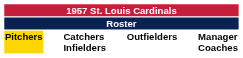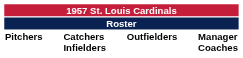 <table class="toccolours" style="font-size: 95%;">
 <tr>
 <th colspan="10" style="background-color: #c41e3a; color: white; text-align: center;">1957 St. Louis Cardinals</th>
 </tr>
 <tr>
 <td colspan="10" style="background-color: #0a2252; color: white; text-align: center;"><strong>Roster</strong></td>
 </tr>
 <tr>
-<td valign="top" style="background: gold;"><strong>Pitchers</strong><br>                  </td>
+<td valign="top"><strong>Pitchers</strong><br>                  </td>
 <td width="25px"></td>
 <td valign="top"><strong>Catchers</strong><br>   <strong>Infielders</strong>       </td>
 <td width="25px"></td>
 <td valign="top"><strong>Outfielders</strong><br>         </td>
 <td width="25px"></td>
 <td valign="top"><strong>Manager</strong><br> <strong>Coaches</strong>     </td>
 </tr>
 </table>
